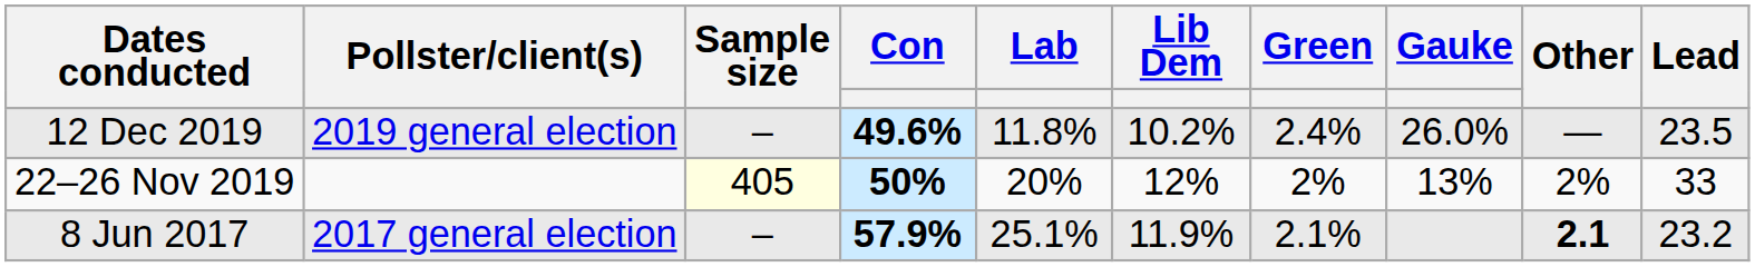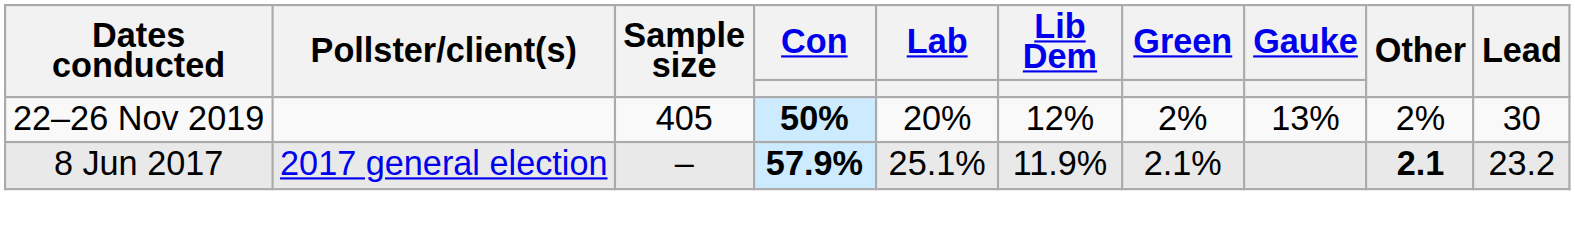 <table class="wikitable sortable mw-datatable" style="text-align:center;line-height:14px;">
 <tr>
 <th rowspan="2">Dates<br>conducted</th>
 <th rowspan="2">Pollster/client(s)</th>
 <th rowspan="2" data-sort-type="number">Sample<br>size</th>
 <th class="unsortable" style="width:50px;"><a href='#'>Con</a></th>
 <th class="unsortable" style="width:50px;"><a href='#'>Lab</a></th>
 <th class="unsortable" style="width:50px;"><a href='#'>Lib Dem</a></th>
 <th class="unsortable" style="width:50px;"><a href='#'>Green</a></th>
 <th class="unsortable" style="width:50px;"><a href='#'>Gauke</a></th>
 <th rowspan="2" class="unsortable">Other</th>
 <th rowspan="2" data-sort-type="number">Lead</th>
 </tr>
 <tr>
 <th data-sort-type="number" style="background:"></th>
 <th data-sort-type="number" style="background:"></th>
 <th data-sort-type="number" style="background:"></th>
 <th data-sort-type="number" style="background:"></th>
 <th data-sort-type="number" style="background:"></th>
 </tr>
-<tr style="background:#E9E9E9;">
-<td data-sort-value="2017-06-08">12 Dec 2019</td>
-<td><a href='#'>2019 general election</a></td>
-<td>–</td>
-<td style="background:#CCEBFF;"><strong>49.6%</strong></td>
-<td>11.8%</td>
-<td>10.2%</td>
-<td>2.4%</td>
-<td>26.0%</td>
-<td>—</td>
-<td style="background:">23.5</td>
-</tr>
 <tr>
 <td data-sort-value="2019-11-26">22–26 Nov 2019</td>
 <td></td>
-<td style="background: lightyellow;">405</td>
+<td>405</td>
 <td style="background:#CCEBFF;"><strong>50%</strong></td>
 <td>20%</td>
 <td>12%</td>
 <td>2%</td>
 <td>13%</td>
 <td>2%</td>
-<td style="background:">33</td>
+<td style="background:">30</td>
 </tr>
 <tr style="background:#E9E9E9;">
 <td data-sort-value="2017-06-08">8 Jun 2017</td>
 <td><a href='#'>2017 general election</a></td>
 <td>–</td>
 <td style="background:#CCEBFF;"><strong>57.9%</strong></td>
 <td>25.1%</td>
 <td>11.9%</td>
 <td>2.1%</td>
 <td></td>
 <td><strong>2.1</strong></td>
 <td style="background:">23.2</td>
 </tr>
 </table>
